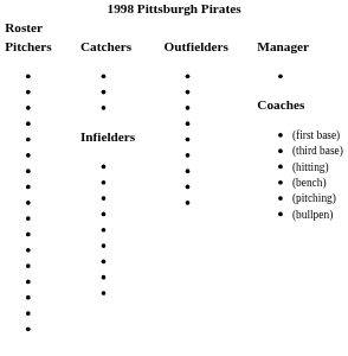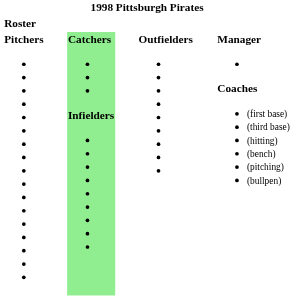 <table class="toccolours" style="font-size: 95%;">
 <tr>
 <th colspan="10">1998 Pittsburgh Pirates</th>
 </tr>
 <tr>
 <td colspan="10"><strong>Roster</strong></td>
 </tr>
 <tr>
 <td valign="top"><strong>Pitchers</strong><br><ul><li></li><li></li><li></li><li></li><li></li><li></li><li></li><li></li><li></li><li></li><li></li><li></li><li></li><li></li><li></li><li></li><li></li></ul></td>
 <td width="25px"></td>
-<td valign="top"><strong>Catchers</strong><br><ul><li></li><li></li><li></li></ul><strong>Infielders</strong><ul><li></li><li></li><li></li><li></li><li></li><li></li><li></li><li></li><li></li></ul></td>
+<td valign="top" style="background: lightgreen;"><strong>Catchers</strong><br><ul><li></li><li></li><li></li></ul><strong>Infielders</strong><ul><li></li><li></li><li></li><li></li><li></li><li></li><li></li><li></li><li></li></ul></td>
 <td width="25px"></td>
 <td valign="top"><strong>Outfielders</strong><br><ul><li></li><li></li><li></li><li></li><li></li><li></li><li></li><li></li><li></li></ul></td>
 <td width="25px"></td>
 <td valign="top"><strong>Manager</strong><br><ul><li></li></ul><strong>Coaches</strong><ul><li> <small>(first base)</small></li><li> <small>(third base)</small></li><li> <small>(hitting)</small></li><li> <small>(bench)</small></li><li> <small>(pitching)</small></li><li> <small>(bullpen)</small></li></ul></td>
 </tr>
 </table>
